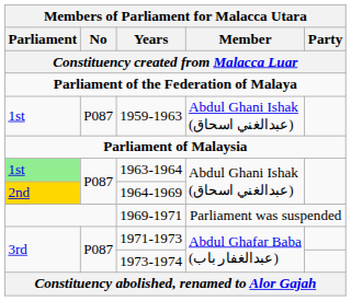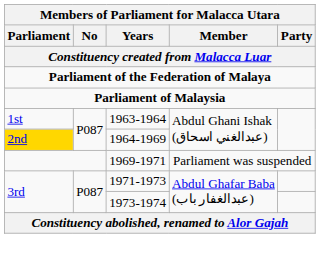 <table class=wikitable>
 <tr>
 <th colspan="5">Members of Parliament for Malacca Utara</th>
 </tr>
 <tr>
 <th>Parliament</th>
 <th>No</th>
 <th>Years</th>
 <th>Member</th>
 <th>Party</th>
 </tr>
 <tr>
 <th colspan="5" align="center"><em>Constituency created from <a href='#'>Malacca Luar</a></em></th>
 </tr>
 <tr>
 <td colspan="5" align="center"><strong>Parliament of the Federation of Malaya</strong></td>
 </tr>
 <tr>
-<td><a href='#'>1st</a></td>
-<td>P087</td>
-<td>1959-1963</td>
-<td><a href='#'>Abdul Ghani Ishak</a> <br> (عبدالغني اسحاق)</td>
-<td></td>
-</tr>
-<tr>
 <td colspan="5" align="center"><strong>Parliament of Malaysia</strong></td>
 </tr>
 <tr>
-<td style="background: lightgreen;"><a href='#'>1st</a></td>
+<td><a href='#'>1st</a></td>
 <td rowspan="2">P087</td>
 <td>1963-1964</td>
 <td rowspan=2>Abdul Ghani Ishak <br> (عبدالغني اسحاق)</td>
 <td rowspan=2></td>
 </tr>
 <tr>
 <td style="background: gold;"><a href='#'>2nd</a></td>
 <td>1964-1969</td>
 </tr>
 <tr>
 <td colspan="2"></td>
 <td>1969-1971</td>
 <td colspan=2 align=center>Parliament was suspended</td>
 </tr>
 <tr>
 <td rowspan=2><a href='#'>3rd</a></td>
 <td rowspan="2">P087</td>
 <td>1971-1973</td>
 <td rowspan=2><a href='#'>Abdul Ghafar Baba</a>  <br>(عبدالغفار باب‎)</td>
 <td></td>
 </tr>
 <tr>
 <td>1973-1974</td>
 <td></td>
 </tr>
 <tr>
 <th colspan="5" align="center"><em>Constituency abolished, renamed to <a href='#'>Alor Gajah</a></em></th>
 </tr>
 </table>
